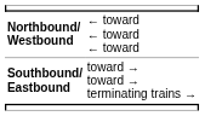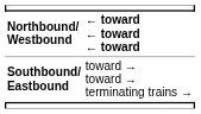 <table border="0" cellspacing="0" cellpadding="3">
 <tr>
 <td colspan="2" style="border-top:solid 1px gray;border-right:solid 2px black;border-left:solid 2px black;border-bottom:solid 2px black;text-align:center"></td>
 </tr>
 <tr>
 <td><strong>Northbound/<br>Westbound</strong></td>
-<td>←  toward  <br>←  toward  <br>←  toward  <br></td>
+<td><strong>←  toward  <br>←  toward  <br>←  toward  <br></strong></td>
 </tr>
 <tr>
 <td style="border-top:solid 1px gray"><strong>Southbound/<br>Eastbound</strong></td>
 <td style="border-top:solid 1px gray">  toward   →<br>  toward   →<br>  terminating trains →</td>
 </tr>
 <tr>
 <td colspan="2" style="border-top:solid 2px black;border-right:solid 2px black;border-left:solid 2px black;border-bottom:solid 1px gray;text-align:center"></td>
 </tr>
 </table>
